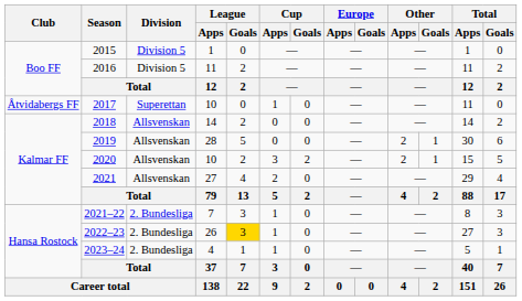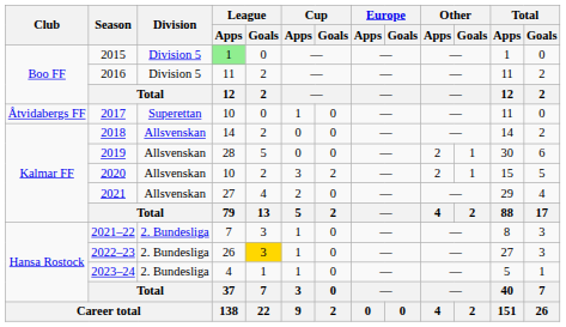 <table class="wikitable" style="text-align:center">
 <tr>
 <th rowspan="2">Club</th>
 <th rowspan="2">Season</th>
 <th rowspan="2">Division</th>
 <th colspan="2">League</th>
 <th colspan="2">Cup</th>
 <th colspan="2"><a href='#'>Europe</a></th>
 <th colspan="2">Other</th>
 <th colspan="2">Total</th>
 </tr>
 <tr>
 <th>Apps</th>
 <th>Goals</th>
 <th>Apps</th>
 <th>Goals</th>
 <th>Apps</th>
 <th>Goals</th>
 <th>Apps</th>
 <th>Goals</th>
 <th>Apps</th>
 <th>Goals</th>
 </tr>
 <tr>
 <td rowspan="3"><a href='#'>Boo FF</a></td>
 <td>2015</td>
 <td><a href='#'>Division 5</a></td>
-<td>1</td>
+<td style="background: lightgreen;">1</td>
 <td>0</td>
 <td colspan="2">—</td>
 <td colspan="2">—</td>
 <td colspan="2">—</td>
 <td>1</td>
 <td>0</td>
 </tr>
 <tr>
 <td>2016</td>
 <td>Division 5</td>
 <td>11</td>
 <td>2</td>
 <td colspan="2">—</td>
 <td colspan="2">—</td>
 <td colspan="2">—</td>
 <td>11</td>
 <td>2</td>
 </tr>
 <tr>
 <th colspan="2">Total</th>
 <th>12</th>
 <th>2</th>
 <th colspan="2">—</th>
 <th colspan="2">—</th>
 <th colspan="2">—</th>
 <th>12</th>
 <th>2</th>
 </tr>
 <tr>
 <td><a href='#'>Åtvidabergs FF</a></td>
 <td><a href='#'>2017</a></td>
 <td><a href='#'>Superettan</a></td>
 <td>10</td>
 <td>0</td>
 <td>1</td>
 <td>0</td>
 <td colspan="2">—</td>
 <td colspan="2">—</td>
 <td>11</td>
 <td>0</td>
 </tr>
 <tr>
 <td rowspan="5"><a href='#'>Kalmar FF</a></td>
 <td><a href='#'>2018</a></td>
 <td><a href='#'>Allsvenskan</a></td>
 <td>14</td>
 <td>2</td>
 <td>0</td>
 <td>0</td>
 <td colspan="2">—</td>
 <td colspan="2">—</td>
 <td>14</td>
 <td>2</td>
 </tr>
 <tr>
 <td><a href='#'>2019</a></td>
 <td>Allsvenskan</td>
 <td>28</td>
 <td>5</td>
 <td>0</td>
 <td>0</td>
 <td colspan="2">—</td>
 <td>2</td>
 <td>1</td>
 <td>30</td>
 <td>6</td>
 </tr>
 <tr>
 <td><a href='#'>2020</a></td>
 <td>Allsvenskan</td>
 <td>10</td>
 <td>2</td>
 <td>3</td>
 <td>2</td>
 <td colspan="2">—</td>
 <td>2</td>
 <td>1</td>
 <td>15</td>
 <td>5</td>
 </tr>
 <tr>
 <td><a href='#'>2021</a></td>
 <td>Allsvenskan</td>
 <td>27</td>
 <td>4</td>
 <td>2</td>
 <td>0</td>
 <td colspan="2">—</td>
 <td colspan="2">—</td>
 <td>29</td>
 <td>4</td>
 </tr>
 <tr>
 <th colspan="2">Total</th>
 <th>79</th>
 <th>13</th>
 <th>5</th>
 <th>2</th>
 <th colspan="2">—</th>
 <th>4</th>
 <th>2</th>
 <th>88</th>
 <th>17</th>
 </tr>
 <tr>
 <td rowspan="4"><a href='#'>Hansa Rostock</a></td>
 <td><a href='#'>2021–22</a></td>
 <td><a href='#'>2. Bundesliga</a></td>
 <td>7</td>
 <td>3</td>
 <td>1</td>
 <td>0</td>
 <td colspan="2">—</td>
 <td colspan="2">—</td>
 <td>8</td>
 <td>3</td>
 </tr>
 <tr>
 <td><a href='#'>2022–23</a></td>
 <td>2. Bundesliga</td>
 <td>26</td>
 <td style="background: gold;">3</td>
 <td>1</td>
 <td>0</td>
 <td colspan="2">—</td>
 <td colspan="2">—</td>
 <td>27</td>
 <td>3</td>
 </tr>
 <tr>
 <td><a href='#'>2023–24</a></td>
 <td>2. Bundesliga</td>
 <td>4</td>
 <td>1</td>
 <td>1</td>
 <td>0</td>
 <td colspan="2">—</td>
 <td colspan="2">—</td>
 <td>5</td>
 <td>1</td>
 </tr>
 <tr>
 <th colspan="2">Total</th>
 <th>37</th>
 <th>7</th>
 <th>3</th>
 <th>0</th>
 <th colspan="2">—</th>
 <th colspan="2">—</th>
 <th>40</th>
 <th>7</th>
 </tr>
 <tr>
 <th colspan="3">Career total</th>
 <th>138</th>
 <th>22</th>
 <th>9</th>
 <th>2</th>
 <th>0</th>
 <th>0</th>
 <th>4</th>
 <th>2</th>
 <th>151</th>
 <th>26</th>
 </tr>
 </table>
